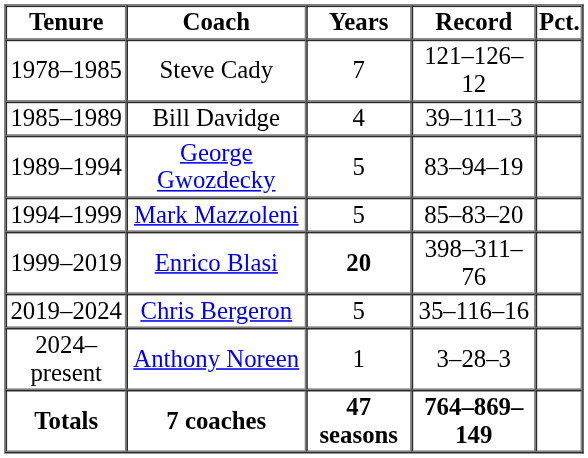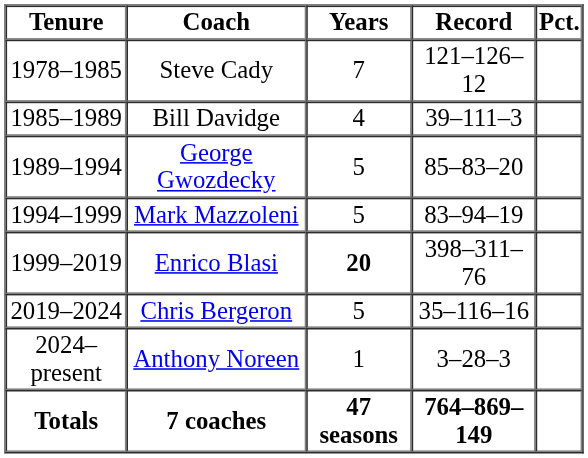 <table cellpadding="1" border="1" cellspacing="0" width="60%">
 <tr>
 <th>Tenure</th>
 <th>Coach</th>
 <th>Years</th>
 <th>Record</th>
 <th>Pct.</th>
 </tr>
 <tr align="center">
 <td>1978–1985</td>
 <td>Steve Cady</td>
 <td>7</td>
 <td>121–126–12</td>
 <td></td>
 </tr>
 <tr align="center">
 <td>1985–1989</td>
 <td>Bill Davidge</td>
 <td>4</td>
 <td>39–111–3</td>
 <td></td>
 </tr>
 <tr align="center">
 <td>1989–1994</td>
 <td><a href='#'>George Gwozdecky</a></td>
 <td>5</td>
-<td>83–94–19</td>
+<td>85–83–20</td>
 <td></td>
 </tr>
 <tr align="center">
 <td>1994–1999</td>
 <td><a href='#'>Mark Mazzoleni</a></td>
 <td>5</td>
-<td>85–83–20</td>
+<td>83–94–19</td>
 <td></td>
 </tr>
 <tr align="center">
 <td>1999–2019</td>
 <td><a href='#'>Enrico Blasi</a></td>
 <td><strong>20</strong></td>
 <td>398–311–76</td>
 <td></td>
 </tr>
 <tr align="center">
 <td>2019–2024</td>
 <td><a href='#'>Chris Bergeron</a></td>
 <td>5</td>
 <td>35–116–16</td>
 <td></td>
 </tr>
 <tr align="center">
 <td>2024–present</td>
 <td><a href='#'>Anthony Noreen</a></td>
 <td>1</td>
 <td>3–28–3</td>
 <td></td>
 </tr>
 <tr align="center">
 </tr>
 <tr align=center>
 <th>Totals</th>
 <th>7 coaches</th>
 <th>47 seasons</th>
 <th>764–869–149</th>
 <th></th>
 </tr>
 </table>
